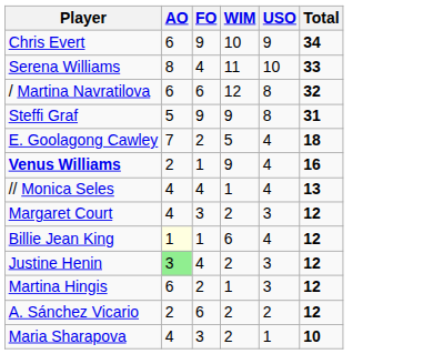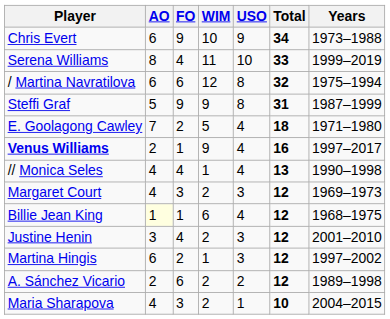 <table class="wikitable mw-datatable sortable" style="display:inline-table;">
 <tr>
 <th scope="col">Player</th>
 <th scope="col"><a href='#'>AO</a></th>
 <th scope="col"><a href='#'>FO</a></th>
 <th scope="col"><a href='#'>WIM</a></th>
 <th scope="col"><a href='#'>USO</a></th>
 <th scope="col">Total</th>
+<th scope="col">Years</th>
 </tr>
 <tr>
 <td> <a href='#'>Chris Evert</a></td>
 <td>6</td>
 <td>9</td>
 <td>10</td>
 <td>9</td>
 <td><strong>34</strong></td>
+<td>1973–1988</td>
 </tr>
 <tr>
 <td> <a href='#'>Serena Williams</a></td>
 <td>8</td>
 <td>4</td>
 <td>11</td>
 <td>10</td>
 <td><strong>33</strong></td>
+<td>1999–2019</td>
 </tr>
 <tr>
 <td>/ <a href='#'>Martina Navratilova</a></td>
 <td>6</td>
 <td>6</td>
 <td>12</td>
 <td>8</td>
 <td><strong>32</strong></td>
+<td>1975–1994</td>
 </tr>
 <tr>
 <td> <a href='#'>Steffi Graf</a></td>
 <td>5</td>
 <td>9</td>
 <td>9</td>
 <td>8</td>
 <td><strong>31</strong></td>
+<td>1987–1999</td>
 </tr>
 <tr>
 <td> <a href='#'>E. Goolagong Cawley</a></td>
 <td>7</td>
 <td>2</td>
 <td>5</td>
 <td>4</td>
 <td><strong>18</strong></td>
+<td>1971–1980</td>
 </tr>
 <tr>
 <td> <strong><a href='#'>Venus Williams</a></strong></td>
 <td>2</td>
 <td>1</td>
 <td>9</td>
 <td>4</td>
 <td><strong>16</strong></td>
+<td>1997–2017</td>
 </tr>
 <tr>
 <td>// <a href='#'>Monica Seles</a></td>
 <td>4</td>
 <td>4</td>
 <td>1</td>
 <td>4</td>
 <td><strong>13</strong></td>
+<td>1990–1998</td>
 </tr>
 <tr>
 <td> <a href='#'>Margaret Court</a></td>
 <td>4</td>
 <td>3</td>
 <td>2</td>
 <td>3</td>
 <td><strong>12</strong></td>
+<td>1969–1973</td>
 </tr>
 <tr>
 <td> <a href='#'>Billie Jean King</a></td>
 <td style="background: lightyellow;">1</td>
 <td>1</td>
 <td>6</td>
 <td>4</td>
 <td><strong>12</strong></td>
+<td>1968–1975</td>
 </tr>
 <tr>
 <td> <a href='#'>Justine Henin</a></td>
-<td style="background: lightgreen;">3</td>
+<td>3</td>
 <td>4</td>
 <td>2</td>
 <td>3</td>
 <td><strong>12</strong></td>
+<td>2001–2010</td>
 </tr>
 <tr>
 <td> <a href='#'>Martina Hingis</a></td>
 <td>6</td>
 <td>2</td>
 <td>1</td>
 <td>3</td>
 <td><strong>12</strong></td>
+<td>1997–2002</td>
 </tr>
 <tr>
 <td> <a href='#'>A. Sánchez Vicario</a></td>
 <td>2</td>
 <td>6</td>
 <td>2</td>
 <td>2</td>
 <td><strong>12</strong></td>
+<td>1989–1998</td>
 </tr>
 <tr>
 <td> <a href='#'>Maria Sharapova</a></td>
 <td>4</td>
 <td>3</td>
 <td>2</td>
 <td>1</td>
 <td><strong>10</strong></td>
+<td>2004–2015</td>
 </tr>
 </table>
